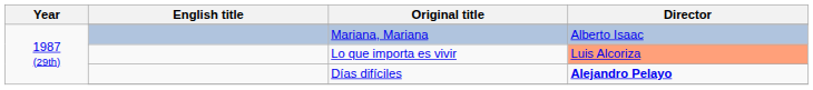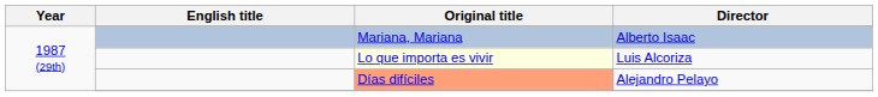 <table class="wikitable">
 <tr>
 <th width="100"><strong>Year</strong></th>
 <th width="300"><strong>English title</strong></th>
 <th width="300"><strong>Original title</strong></th>
 <th width="300"><strong>Director</strong></th>
 </tr>
 <tr>
 <td rowspan="6" style="text-align:center;"><a href='#'>1987</a><br><small><a href='#'>(29th)</a></small></td>
 </tr>
 <tr style="background:#B0C4DE;">
 <td></td>
 <td><a href='#'>Mariana, Mariana</a></td>
 <td><a href='#'>Alberto Isaac</a></td>
 </tr>
 <tr>
 <td></td>
-<td><a href='#'>Lo que importa es vivir</a></td>
-<td style="background: lightsalmon;"><a href='#'>Luis Alcoriza</a></td>
+<td style="background: lightyellow;"><a href='#'>Lo que importa es vivir</a></td>
+<td><a href='#'>Luis Alcoriza</a></td>
 </tr>
 <tr>
 <td></td>
-<td><a href='#'>Días difíciles</a></td>
-<td><strong><a href='#'>Alejandro Pelayo</a></strong></td>
+<td style="background: lightsalmon;"><a href='#'>Días difíciles</a></td>
+<td><a href='#'>Alejandro Pelayo</a></td>
 </tr>
 <tr>
 </tr>
 </table>
